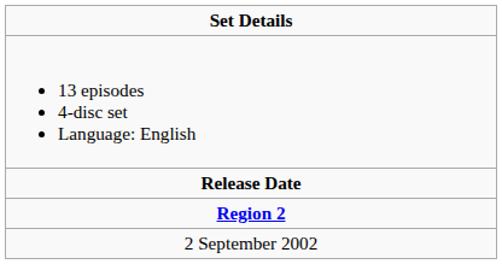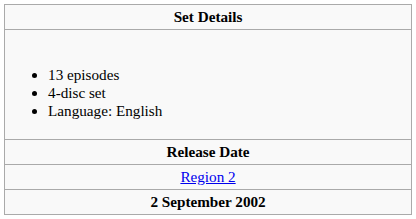 <table class="wikitable" style="font-size: 95%;">
 <tr valign="top">
 <td align="center" width="400" colspan="3"><strong>Set Details</strong></td>
 </tr>
 <tr valign="top">
 <td colspan="3" align="left" width="400"><br><ul><li>13 episodes</li><li>4-disc set</li><li>Language: English</li></ul></td>
 </tr>
 <tr>
 <td colspan="3" align="center"><strong>Release Date</strong></td>
 </tr>
 <tr>
-<td align="center"><strong><a href='#'>Region 2</a></strong></td>
+<td align="center"><a href='#'>Region 2</a></td>
 </tr>
 <tr>
-<td align="center">2 September 2002</td>
+<td align="center"><strong>2 September 2002</strong></td>
 </tr>
 </table>
